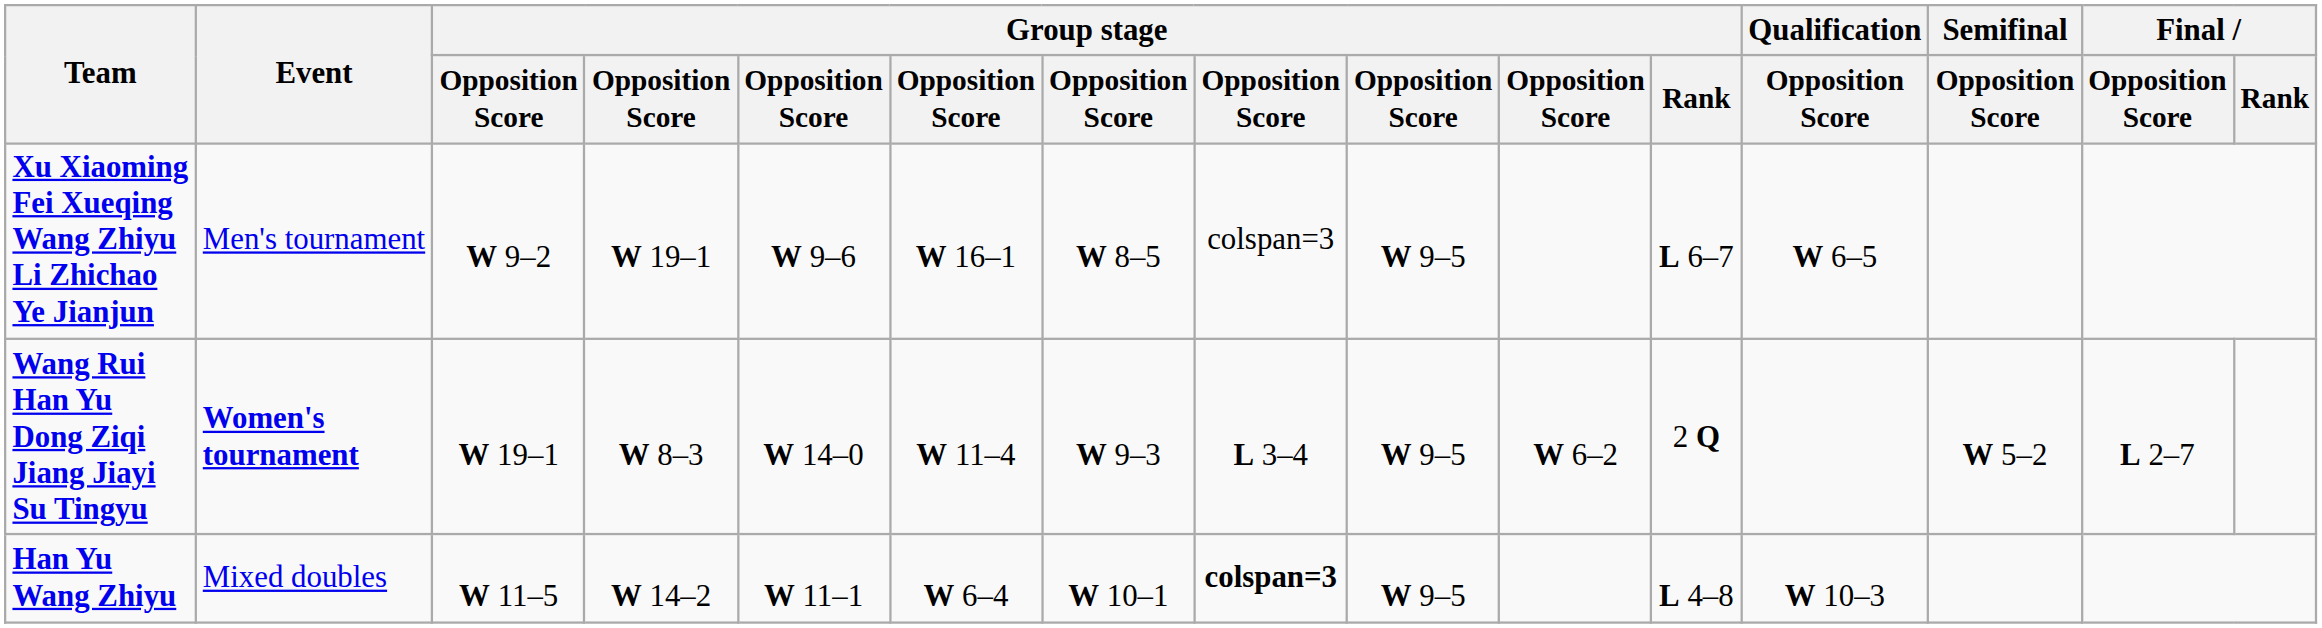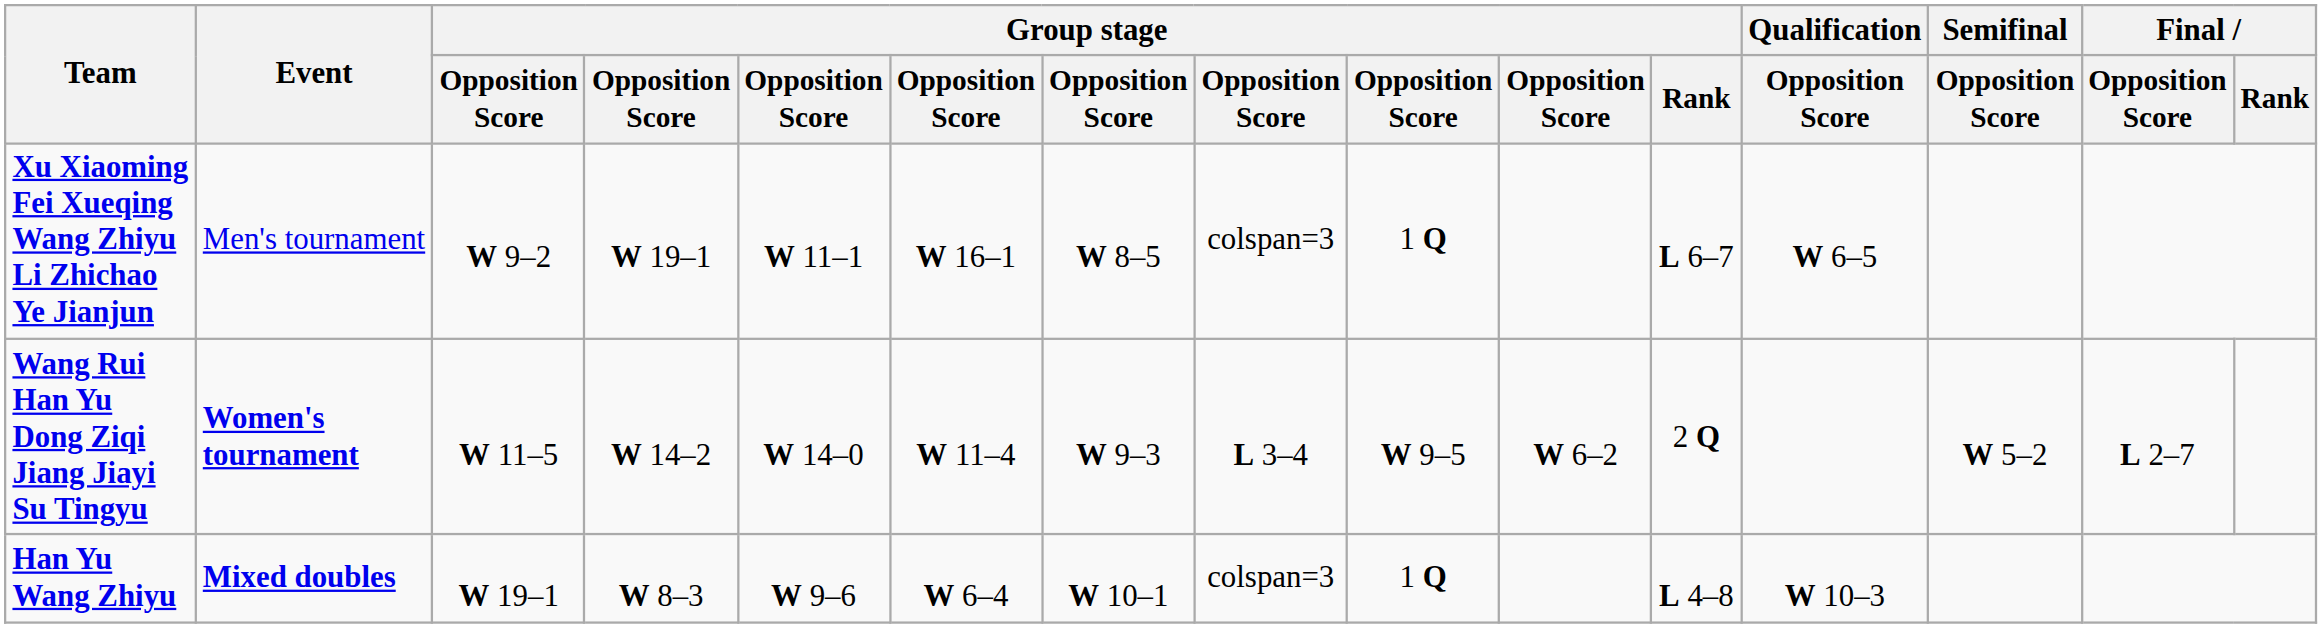 <table class=wikitable style=font-size:85%;text-align:center>
 <tr>
 <th rowspan=2>Team</th>
 <th rowspan=2>Event</th>
 <th colspan=9>Group stage</th>
 <th>Qualification</th>
 <th>Semifinal</th>
 <th colspan=2>Final / </th>
 </tr>
 <tr style=font-size:95%>
 <th>Opposition<br>Score</th>
 <th>Opposition<br>Score</th>
 <th>Opposition<br>Score</th>
 <th>Opposition<br>Score</th>
 <th>Opposition<br>Score</th>
 <th>Opposition<br>Score</th>
 <th>Opposition<br>Score</th>
 <th>Opposition<br>Score</th>
 <th>Rank</th>
 <th>Opposition<br>Score</th>
 <th>Opposition<br>Score</th>
 <th>Opposition<br>Score</th>
 <th>Rank</th>
 </tr>
 <tr>
 <td align=left><strong><a href='#'>Xu Xiaoming</a><br><a href='#'>Fei Xueqing</a><br><a href='#'>Wang Zhiyu</a><br><a href='#'>Li Zhichao</a><br><a href='#'>Ye Jianjun</a></strong></td>
 <td align=left><a href='#'>Men's tournament</a></td>
 <td><br><strong>W</strong> 9–2</td>
 <td><br><strong>W</strong> 19–1</td>
-<td><br><strong>W</strong> 9–6</td>
+<td><br><strong>W</strong> 11–1</td>
 <td><br><strong>W</strong> 16–1</td>
 <td><br><strong>W</strong> 8–5</td>
 <td>colspan=3 </td>
-<td><br><strong>W</strong> 9–5</td>
+<td>1 <strong>Q</strong></td>
 <td></td>
 <td><br><strong>L</strong> 6–7</td>
 <td><br><strong>W</strong> 6–5</td>
 <td></td>
 </tr>
 <tr>
 <td align=left><strong><a href='#'>Wang Rui</a><br><a href='#'>Han Yu</a><br><a href='#'>Dong Ziqi</a><br><a href='#'>Jiang Jiayi</a><br><a href='#'>Su Tingyu</a></strong></td>
 <td align=left><strong><a href='#'>Women's<br>tournament</a></strong></td>
-<td><br><strong>W</strong> 19–1</td>
-<td><br><strong>W</strong> 8–3</td>
+<td><br><strong>W</strong> 11–5</td>
+<td><br><strong>W</strong> 14–2</td>
 <td><br><strong>W</strong> 14–0</td>
 <td><br><strong>W</strong> 11–4</td>
 <td><br><strong>W</strong> 9–3</td>
 <td><br><strong>L</strong> 3–4</td>
 <td><br><strong>W</strong> 9–5</td>
 <td><br><strong>W</strong> 6–2</td>
 <td>2 <strong>Q</strong></td>
 <td></td>
 <td><br><strong>W</strong> 5–2</td>
 <td><br><strong>L</strong> 2–7</td>
 <td></td>
 </tr>
 <tr>
 <td align=left><strong><a href='#'>Han Yu</a><br><a href='#'>Wang Zhiyu</a></strong></td>
-<td align=left><a href='#'>Mixed doubles</a></td>
-<td><br><strong>W</strong> 11–5</td>
-<td><br><strong>W</strong> 14–2</td>
-<td><br><strong>W</strong> 11–1</td>
+<td align=left><strong><a href='#'>Mixed doubles</a></strong></td>
+<td><br><strong>W</strong> 19–1</td>
+<td><br><strong>W</strong> 8–3</td>
+<td><br><strong>W</strong> 9–6</td>
 <td><br><strong>W</strong> 6–4</td>
 <td><br><strong>W</strong> 10–1</td>
-<td><strong>colspan=3 </strong></td>
-<td><br><strong>W</strong> 9–5</td>
+<td>colspan=3 </td>
+<td>1 <strong>Q</strong></td>
 <td></td>
 <td><br><strong>L</strong> 4–8</td>
 <td><br><strong>W</strong> 10–3</td>
 <td></td>
 </tr>
 </table>
